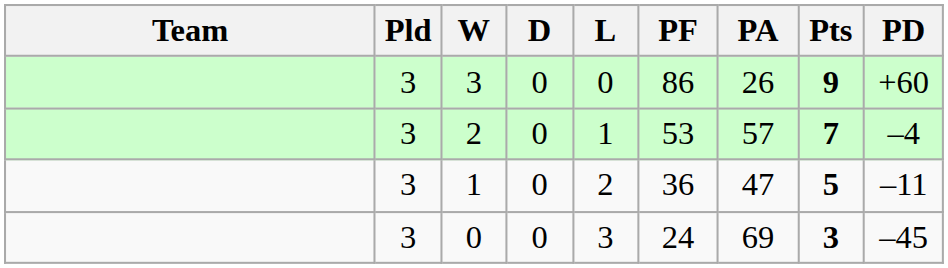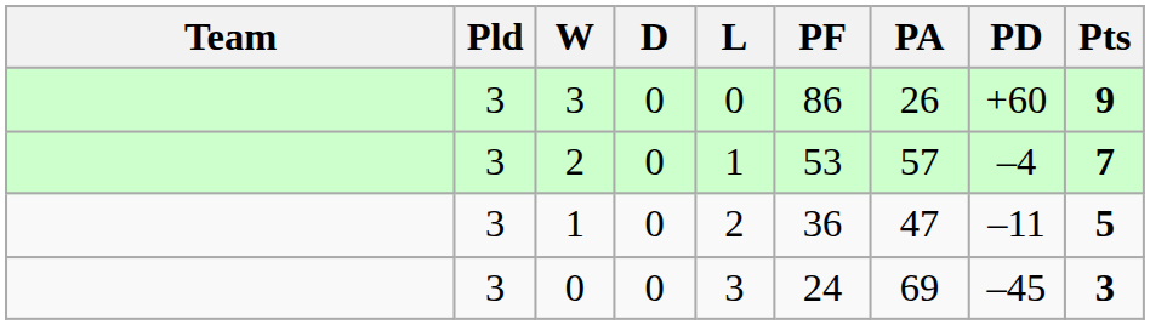 <table class="wikitable" style="text-align:center;">
 <tr>
 <th width=175>Team</th>
 <th width=25 abbr="Played">Pld</th>
 <th width=25 abbr="Won">W</th>
 <th width=25 abbr="Drawn">D</th>
 <th width=25 abbr="Lost">L</th>
 <th width=32 abbr="Points for">PF</th>
 <th width=32 abbr="Points against">PA</th>
+<th width=32 abbr="Points difference">PD</th>
 <th width=25 abbr="Points">Pts</th>
-<th width=32 abbr="Points difference">PD</th>
 </tr>
 <tr bgcolor=ccffcc>
 <td align=left></td>
 <td>3</td>
 <td>3</td>
 <td>0</td>
 <td>0</td>
 <td>86</td>
 <td>26</td>
+<td>+60</td>
 <td><strong>9</strong></td>
-<td>+60</td>
 </tr>
 <tr bgcolor=ccffcc>
 <td align=left></td>
 <td>3</td>
 <td>2</td>
 <td>0</td>
 <td>1</td>
 <td>53</td>
 <td>57</td>
+<td>–4</td>
 <td><strong>7</strong></td>
-<td>–4</td>
 </tr>
 <tr>
 <td align=left></td>
 <td>3</td>
 <td>1</td>
 <td>0</td>
 <td>2</td>
 <td>36</td>
 <td>47</td>
+<td>–11</td>
 <td><strong>5</strong></td>
-<td>–11</td>
 </tr>
 <tr>
 <td align=left></td>
 <td>3</td>
 <td>0</td>
 <td>0</td>
 <td>3</td>
 <td>24</td>
 <td>69</td>
+<td>–45</td>
 <td><strong>3</strong></td>
-<td>–45</td>
 </tr>
 </table>
